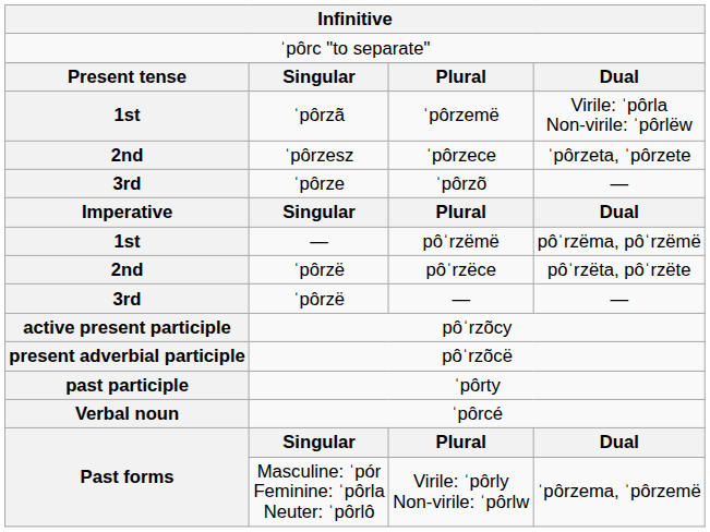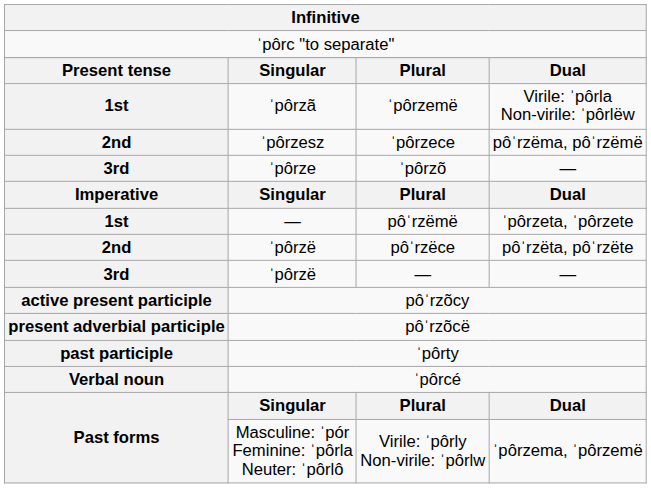 <table class="wikitable" style="text-align:center;">
 <tr>
 <th colspan="4">Infinitive</th>
 </tr>
 <tr>
 <td colspan="4">ˈpôrc "to separate"</td>
 </tr>
 <tr>
 </tr>
 <tr>
 <th>Present tense</th>
 <th>Singular</th>
 <th>Plural</th>
 <th>Dual</th>
 </tr>
 <tr>
 <th>1st</th>
 <td>ˈpôrzã</td>
 <td>ˈpôrzemë</td>
 <td>Virile: ˈpôrla<br>Non-virile: ˈpôrlëw</td>
 </tr>
 <tr>
 <th>2nd</th>
 <td>ˈpôrzesz</td>
 <td>ˈpôrzece</td>
-<td>ˈpôrzeta, ˈpôrzete</td>
+<td>pôˈrzëma, pôˈrzëmë</td>
 </tr>
 <tr>
 <th>3rd</th>
 <td>ˈpôrze</td>
 <td>ˈpôrzõ</td>
 <td>—</td>
 </tr>
 <tr>
 <th>Imperative</th>
 <th>Singular</th>
 <th>Plural</th>
 <th>Dual</th>
 </tr>
 <tr>
 <th>1st</th>
 <td>—</td>
 <td>pôˈrzëmë</td>
-<td>pôˈrzëma, pôˈrzëmë</td>
+<td>ˈpôrzeta, ˈpôrzete</td>
 </tr>
 <tr>
 <th>2nd</th>
 <td>ˈpôrzë</td>
 <td>pôˈrzëce</td>
 <td>pôˈrzëta, pôˈrzëte</td>
 </tr>
 <tr>
 <th>3rd</th>
 <td>ˈpôrzë</td>
 <td>—</td>
 <td>—</td>
 </tr>
 <tr>
 <th>active present participle</th>
 <td colspan="3">pôˈrzõcy</td>
 </tr>
 <tr>
 <th>present adverbial participle</th>
 <td colspan="3">pôˈrzõcë</td>
 </tr>
 <tr>
 <th>past participle</th>
 <td colspan="3">ˈpôrty</td>
 </tr>
 <tr>
 <th>Verbal noun</th>
 <td colspan="3">ˈpôrcé</td>
 </tr>
 <tr>
 <th rowspan="2">Past forms</th>
 <th>Singular</th>
 <th>Plural</th>
 <th>Dual</th>
 </tr>
 <tr>
 <td>Masculine: ˈpór<br>Feminine: ˈpôrla<br>Neuter: ˈpôrlô</td>
 <td>Virile: ˈpôrly<br>Non-virile: ˈpôrlw</td>
 <td>ˈpôrzema, ˈpôrzemë</td>
 </tr>
 </table>
